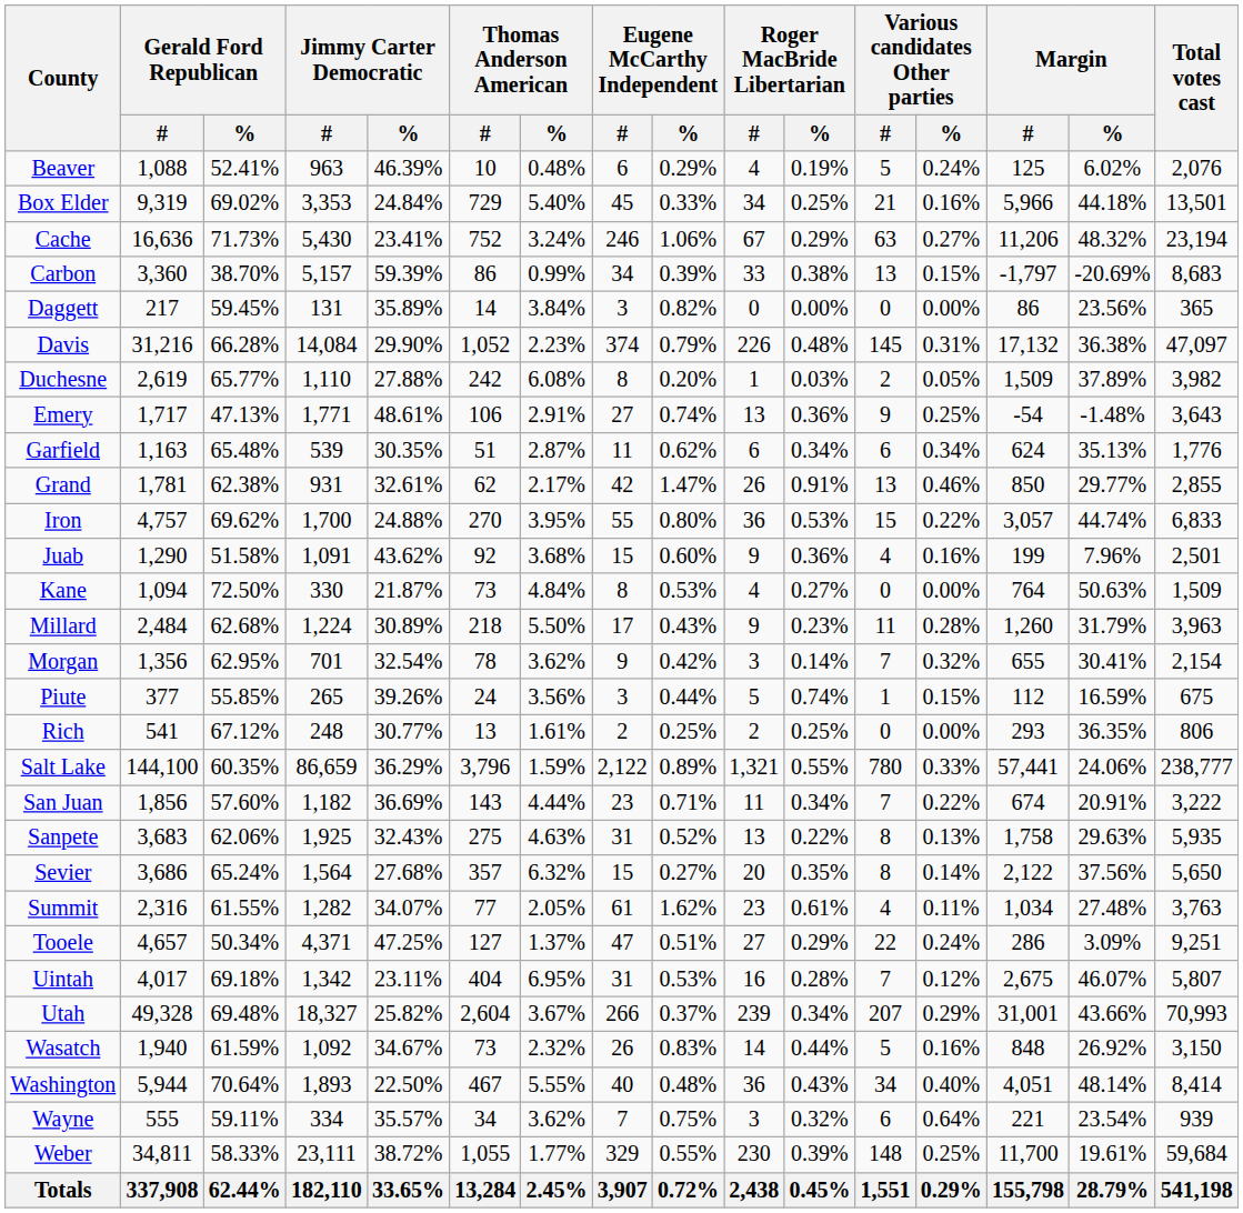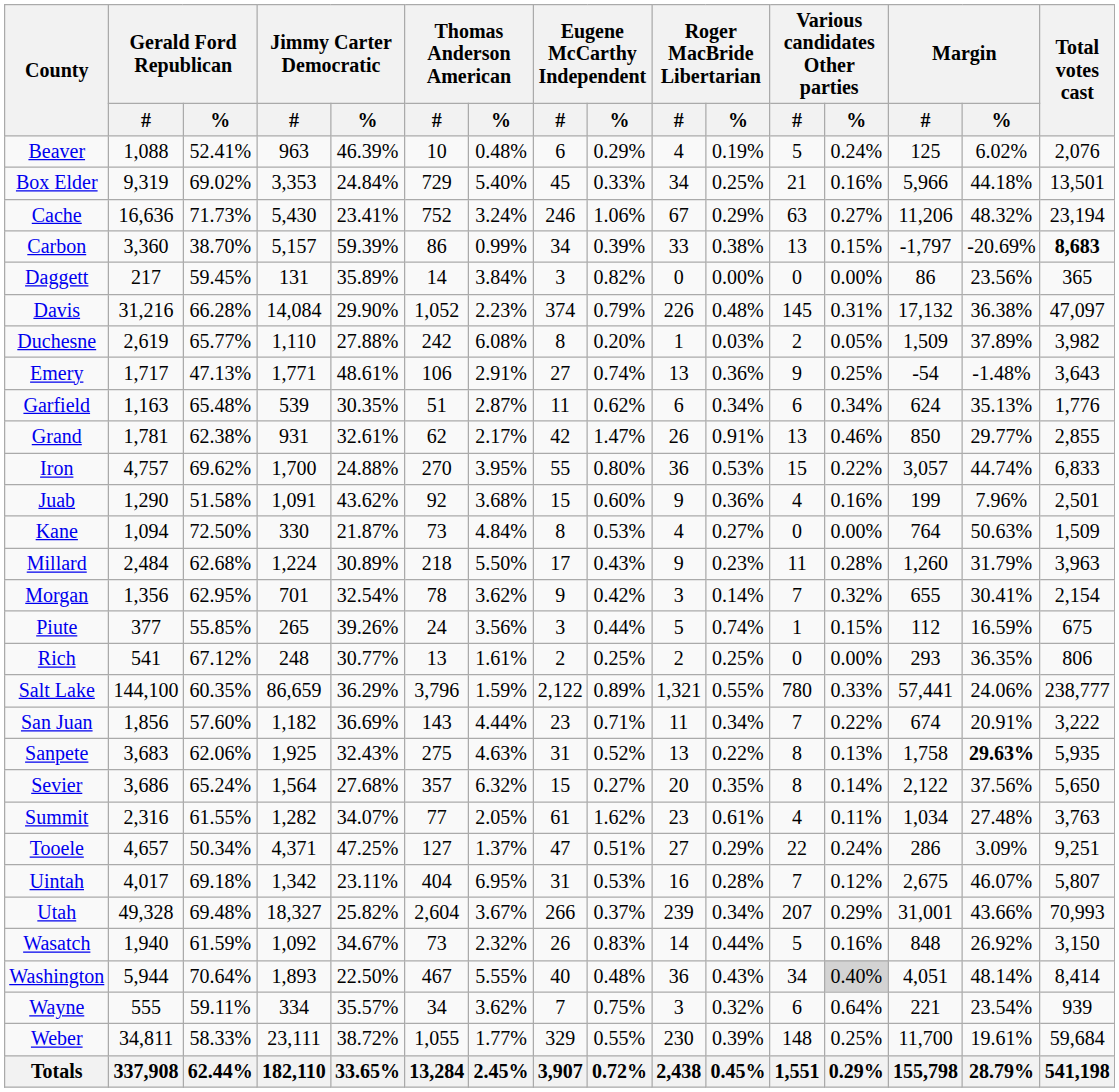 <table class="wikitable sortable" style="text-align:center">
 <tr>
 <th colspan="1" rowspan="2">County</th>
 <th style="text-align:center;" colspan="2">Gerald Ford<br>Republican</th>
 <th style="text-align:center;" colspan="2">Jimmy Carter<br>Democratic</th>
 <th style="text-align:center;" colspan="2">Thomas Anderson<br>American</th>
 <th style="text-align:center;" colspan="2">Eugene McCarthy<br>Independent</th>
 <th style="text-align:center;" colspan="2">Roger MacBride<br>Libertarian</th>
 <th style="text-align:center;" colspan="2">Various candidates<br>Other parties</th>
 <th style="text-align:center;" colspan="2">Margin</th>
 <th colspan="1" rowspan="2" style="text-align:center;">Total votes cast</th>
 </tr>
 <tr>
 <th style="text-align:center;" data-sort-type="number">#</th>
 <th style="text-align:center;" data-sort-type="number">%</th>
 <th style="text-align:center;" data-sort-type="number">#</th>
 <th style="text-align:center;" data-sort-type="number">%</th>
 <th style="text-align:center;" data-sort-type="number">#</th>
 <th style="text-align:center;" data-sort-type="number">%</th>
 <th style="text-align:center;" data-sort-type="number">#</th>
 <th style="text-align:center;" data-sort-type="number">%</th>
 <th style="text-align:center;" data-sort-type="number">#</th>
 <th style="text-align:center;" data-sort-type="number">%</th>
 <th style="text-align:center;" data-sort-type="number">#</th>
 <th style="text-align:center;" data-sort-type="number">%</th>
 <th style="text-align:center;" data-sort-type="number">#</th>
 <th style="text-align:center;" data-sort-type="number">%</th>
 </tr>
 <tr style="text-align:center;">
 <td><a href='#'>Beaver</a></td>
 <td>1,088</td>
 <td>52.41%</td>
 <td>963</td>
 <td>46.39%</td>
 <td>10</td>
 <td>0.48%</td>
 <td>6</td>
 <td>0.29%</td>
 <td>4</td>
 <td>0.19%</td>
 <td>5</td>
 <td>0.24%</td>
 <td>125</td>
 <td>6.02%</td>
 <td>2,076</td>
 </tr>
 <tr style="text-align:center;">
 <td><a href='#'>Box Elder</a></td>
 <td>9,319</td>
 <td>69.02%</td>
 <td>3,353</td>
 <td>24.84%</td>
 <td>729</td>
 <td>5.40%</td>
 <td>45</td>
 <td>0.33%</td>
 <td>34</td>
 <td>0.25%</td>
 <td>21</td>
 <td>0.16%</td>
 <td>5,966</td>
 <td>44.18%</td>
 <td>13,501</td>
 </tr>
 <tr style="text-align:center;">
 <td><a href='#'>Cache</a></td>
 <td>16,636</td>
 <td>71.73%</td>
 <td>5,430</td>
 <td>23.41%</td>
 <td>752</td>
 <td>3.24%</td>
 <td>246</td>
 <td>1.06%</td>
 <td>67</td>
 <td>0.29%</td>
 <td>63</td>
 <td>0.27%</td>
 <td>11,206</td>
 <td>48.32%</td>
 <td>23,194</td>
 </tr>
 <tr style="text-align:center;">
 <td><a href='#'>Carbon</a></td>
 <td>3,360</td>
 <td>38.70%</td>
 <td>5,157</td>
 <td>59.39%</td>
 <td>86</td>
 <td>0.99%</td>
 <td>34</td>
 <td>0.39%</td>
 <td>33</td>
 <td>0.38%</td>
 <td>13</td>
 <td>0.15%</td>
 <td>-1,797</td>
 <td>-20.69%</td>
-<td>8,683</td>
+<td><strong>8,683</strong></td>
 </tr>
 <tr style="text-align:center;">
 <td><a href='#'>Daggett</a></td>
 <td>217</td>
 <td>59.45%</td>
 <td>131</td>
 <td>35.89%</td>
 <td>14</td>
 <td>3.84%</td>
 <td>3</td>
 <td>0.82%</td>
 <td>0</td>
 <td>0.00%</td>
 <td>0</td>
 <td>0.00%</td>
 <td>86</td>
 <td>23.56%</td>
 <td>365</td>
 </tr>
 <tr style="text-align:center;">
 <td><a href='#'>Davis</a></td>
 <td>31,216</td>
 <td>66.28%</td>
 <td>14,084</td>
 <td>29.90%</td>
 <td>1,052</td>
 <td>2.23%</td>
 <td>374</td>
 <td>0.79%</td>
 <td>226</td>
 <td>0.48%</td>
 <td>145</td>
 <td>0.31%</td>
 <td>17,132</td>
 <td>36.38%</td>
 <td>47,097</td>
 </tr>
 <tr style="text-align:center;">
 <td><a href='#'>Duchesne</a></td>
 <td>2,619</td>
 <td>65.77%</td>
 <td>1,110</td>
 <td>27.88%</td>
 <td>242</td>
 <td>6.08%</td>
 <td>8</td>
 <td>0.20%</td>
 <td>1</td>
 <td>0.03%</td>
 <td>2</td>
 <td>0.05%</td>
 <td>1,509</td>
 <td>37.89%</td>
 <td>3,982</td>
 </tr>
 <tr style="text-align:center;">
 <td><a href='#'>Emery</a></td>
 <td>1,717</td>
 <td>47.13%</td>
 <td>1,771</td>
 <td>48.61%</td>
 <td>106</td>
 <td>2.91%</td>
 <td>27</td>
 <td>0.74%</td>
 <td>13</td>
 <td>0.36%</td>
 <td>9</td>
 <td>0.25%</td>
 <td>-54</td>
 <td>-1.48%</td>
 <td>3,643</td>
 </tr>
 <tr style="text-align:center;">
 <td><a href='#'>Garfield</a></td>
 <td>1,163</td>
 <td>65.48%</td>
 <td>539</td>
 <td>30.35%</td>
 <td>51</td>
 <td>2.87%</td>
 <td>11</td>
 <td>0.62%</td>
 <td>6</td>
 <td>0.34%</td>
 <td>6</td>
 <td>0.34%</td>
 <td>624</td>
 <td>35.13%</td>
 <td>1,776</td>
 </tr>
 <tr style="text-align:center;">
 <td><a href='#'>Grand</a></td>
 <td>1,781</td>
 <td>62.38%</td>
 <td>931</td>
 <td>32.61%</td>
 <td>62</td>
 <td>2.17%</td>
 <td>42</td>
 <td>1.47%</td>
 <td>26</td>
 <td>0.91%</td>
 <td>13</td>
 <td>0.46%</td>
 <td>850</td>
 <td>29.77%</td>
 <td>2,855</td>
 </tr>
 <tr style="text-align:center;">
 <td><a href='#'>Iron</a></td>
 <td>4,757</td>
 <td>69.62%</td>
 <td>1,700</td>
 <td>24.88%</td>
 <td>270</td>
 <td>3.95%</td>
 <td>55</td>
 <td>0.80%</td>
 <td>36</td>
 <td>0.53%</td>
 <td>15</td>
 <td>0.22%</td>
 <td>3,057</td>
 <td>44.74%</td>
 <td>6,833</td>
 </tr>
 <tr style="text-align:center;">
 <td><a href='#'>Juab</a></td>
 <td>1,290</td>
 <td>51.58%</td>
 <td>1,091</td>
 <td>43.62%</td>
 <td>92</td>
 <td>3.68%</td>
 <td>15</td>
 <td>0.60%</td>
 <td>9</td>
 <td>0.36%</td>
 <td>4</td>
 <td>0.16%</td>
 <td>199</td>
 <td>7.96%</td>
 <td>2,501</td>
 </tr>
 <tr style="text-align:center;">
 <td><a href='#'>Kane</a></td>
 <td>1,094</td>
 <td>72.50%</td>
 <td>330</td>
 <td>21.87%</td>
 <td>73</td>
 <td>4.84%</td>
 <td>8</td>
 <td>0.53%</td>
 <td>4</td>
 <td>0.27%</td>
 <td>0</td>
 <td>0.00%</td>
 <td>764</td>
 <td>50.63%</td>
 <td>1,509</td>
 </tr>
 <tr style="text-align:center;">
 <td><a href='#'>Millard</a></td>
 <td>2,484</td>
 <td>62.68%</td>
 <td>1,224</td>
 <td>30.89%</td>
 <td>218</td>
 <td>5.50%</td>
 <td>17</td>
 <td>0.43%</td>
 <td>9</td>
 <td>0.23%</td>
 <td>11</td>
 <td>0.28%</td>
 <td>1,260</td>
 <td>31.79%</td>
 <td>3,963</td>
 </tr>
 <tr style="text-align:center;">
 <td><a href='#'>Morgan</a></td>
 <td>1,356</td>
 <td>62.95%</td>
 <td>701</td>
 <td>32.54%</td>
 <td>78</td>
 <td>3.62%</td>
 <td>9</td>
 <td>0.42%</td>
 <td>3</td>
 <td>0.14%</td>
 <td>7</td>
 <td>0.32%</td>
 <td>655</td>
 <td>30.41%</td>
 <td>2,154</td>
 </tr>
 <tr style="text-align:center;">
 <td><a href='#'>Piute</a></td>
 <td>377</td>
 <td>55.85%</td>
 <td>265</td>
 <td>39.26%</td>
 <td>24</td>
 <td>3.56%</td>
 <td>3</td>
 <td>0.44%</td>
 <td>5</td>
 <td>0.74%</td>
 <td>1</td>
 <td>0.15%</td>
 <td>112</td>
 <td>16.59%</td>
 <td>675</td>
 </tr>
 <tr style="text-align:center;">
 <td><a href='#'>Rich</a></td>
 <td>541</td>
 <td>67.12%</td>
 <td>248</td>
 <td>30.77%</td>
 <td>13</td>
 <td>1.61%</td>
 <td>2</td>
 <td>0.25%</td>
 <td>2</td>
 <td>0.25%</td>
 <td>0</td>
 <td>0.00%</td>
 <td>293</td>
 <td>36.35%</td>
 <td>806</td>
 </tr>
 <tr style="text-align:center;">
 <td><a href='#'>Salt Lake</a></td>
 <td>144,100</td>
 <td>60.35%</td>
 <td>86,659</td>
 <td>36.29%</td>
 <td>3,796</td>
 <td>1.59%</td>
 <td>2,122</td>
 <td>0.89%</td>
 <td>1,321</td>
 <td>0.55%</td>
 <td>780</td>
 <td>0.33%</td>
 <td>57,441</td>
 <td>24.06%</td>
 <td>238,777</td>
 </tr>
 <tr style="text-align:center;">
 <td><a href='#'>San Juan</a></td>
 <td>1,856</td>
 <td>57.60%</td>
 <td>1,182</td>
 <td>36.69%</td>
 <td>143</td>
 <td>4.44%</td>
 <td>23</td>
 <td>0.71%</td>
 <td>11</td>
 <td>0.34%</td>
 <td>7</td>
 <td>0.22%</td>
 <td>674</td>
 <td>20.91%</td>
 <td>3,222</td>
 </tr>
 <tr style="text-align:center;">
 <td><a href='#'>Sanpete</a></td>
 <td>3,683</td>
 <td>62.06%</td>
 <td>1,925</td>
 <td>32.43%</td>
 <td>275</td>
 <td>4.63%</td>
 <td>31</td>
 <td>0.52%</td>
 <td>13</td>
 <td>0.22%</td>
 <td>8</td>
 <td>0.13%</td>
 <td>1,758</td>
-<td>29.63%</td>
+<td><strong>29.63%</strong></td>
 <td>5,935</td>
 </tr>
 <tr style="text-align:center;">
 <td><a href='#'>Sevier</a></td>
 <td>3,686</td>
 <td>65.24%</td>
 <td>1,564</td>
 <td>27.68%</td>
 <td>357</td>
 <td>6.32%</td>
 <td>15</td>
 <td>0.27%</td>
 <td>20</td>
 <td>0.35%</td>
 <td>8</td>
 <td>0.14%</td>
 <td>2,122</td>
 <td>37.56%</td>
 <td>5,650</td>
 </tr>
 <tr style="text-align:center;">
 <td><a href='#'>Summit</a></td>
 <td>2,316</td>
 <td>61.55%</td>
 <td>1,282</td>
 <td>34.07%</td>
 <td>77</td>
 <td>2.05%</td>
 <td>61</td>
 <td>1.62%</td>
 <td>23</td>
 <td>0.61%</td>
 <td>4</td>
 <td>0.11%</td>
 <td>1,034</td>
 <td>27.48%</td>
 <td>3,763</td>
 </tr>
 <tr style="text-align:center;">
 <td><a href='#'>Tooele</a></td>
 <td>4,657</td>
 <td>50.34%</td>
 <td>4,371</td>
 <td>47.25%</td>
 <td>127</td>
 <td>1.37%</td>
 <td>47</td>
 <td>0.51%</td>
 <td>27</td>
 <td>0.29%</td>
 <td>22</td>
 <td>0.24%</td>
 <td>286</td>
 <td>3.09%</td>
 <td>9,251</td>
 </tr>
 <tr style="text-align:center;">
 <td><a href='#'>Uintah</a></td>
 <td>4,017</td>
 <td>69.18%</td>
 <td>1,342</td>
 <td>23.11%</td>
 <td>404</td>
 <td>6.95%</td>
 <td>31</td>
 <td>0.53%</td>
 <td>16</td>
 <td>0.28%</td>
 <td>7</td>
 <td>0.12%</td>
 <td>2,675</td>
 <td>46.07%</td>
 <td>5,807</td>
 </tr>
 <tr style="text-align:center;">
 <td><a href='#'>Utah</a></td>
 <td>49,328</td>
 <td>69.48%</td>
 <td>18,327</td>
 <td>25.82%</td>
 <td>2,604</td>
 <td>3.67%</td>
 <td>266</td>
 <td>0.37%</td>
 <td>239</td>
 <td>0.34%</td>
 <td>207</td>
 <td>0.29%</td>
 <td>31,001</td>
 <td>43.66%</td>
 <td>70,993</td>
 </tr>
 <tr style="text-align:center;">
 <td><a href='#'>Wasatch</a></td>
 <td>1,940</td>
 <td>61.59%</td>
 <td>1,092</td>
 <td>34.67%</td>
 <td>73</td>
 <td>2.32%</td>
 <td>26</td>
 <td>0.83%</td>
 <td>14</td>
 <td>0.44%</td>
 <td>5</td>
 <td>0.16%</td>
 <td>848</td>
 <td>26.92%</td>
 <td>3,150</td>
 </tr>
 <tr style="text-align:center;">
 <td><a href='#'>Washington</a></td>
 <td>5,944</td>
 <td>70.64%</td>
 <td>1,893</td>
 <td>22.50%</td>
 <td>467</td>
 <td>5.55%</td>
 <td>40</td>
 <td>0.48%</td>
 <td>36</td>
 <td>0.43%</td>
 <td>34</td>
-<td>0.40%</td>
+<td style="background: lightgrey;">0.40%</td>
 <td>4,051</td>
 <td>48.14%</td>
 <td>8,414</td>
 </tr>
 <tr style="text-align:center;">
 <td><a href='#'>Wayne</a></td>
 <td>555</td>
 <td>59.11%</td>
 <td>334</td>
 <td>35.57%</td>
 <td>34</td>
 <td>3.62%</td>
 <td>7</td>
 <td>0.75%</td>
 <td>3</td>
 <td>0.32%</td>
 <td>6</td>
 <td>0.64%</td>
 <td>221</td>
 <td>23.54%</td>
 <td>939</td>
 </tr>
 <tr style="text-align:center;">
 <td><a href='#'>Weber</a></td>
 <td>34,811</td>
 <td>58.33%</td>
 <td>23,111</td>
 <td>38.72%</td>
 <td>1,055</td>
 <td>1.77%</td>
 <td>329</td>
 <td>0.55%</td>
 <td>230</td>
 <td>0.39%</td>
 <td>148</td>
 <td>0.25%</td>
 <td>11,700</td>
 <td>19.61%</td>
 <td>59,684</td>
 </tr>
 <tr style="text-align:center;">
 <th>Totals</th>
 <th>337,908</th>
 <th>62.44%</th>
 <th>182,110</th>
 <th>33.65%</th>
 <th>13,284</th>
 <th>2.45%</th>
 <th>3,907</th>
 <th>0.72%</th>
 <th>2,438</th>
 <th>0.45%</th>
 <th>1,551</th>
 <th>0.29%</th>
 <th>155,798</th>
 <th>28.79%</th>
 <th>541,198</th>
 </tr>
 </table>
